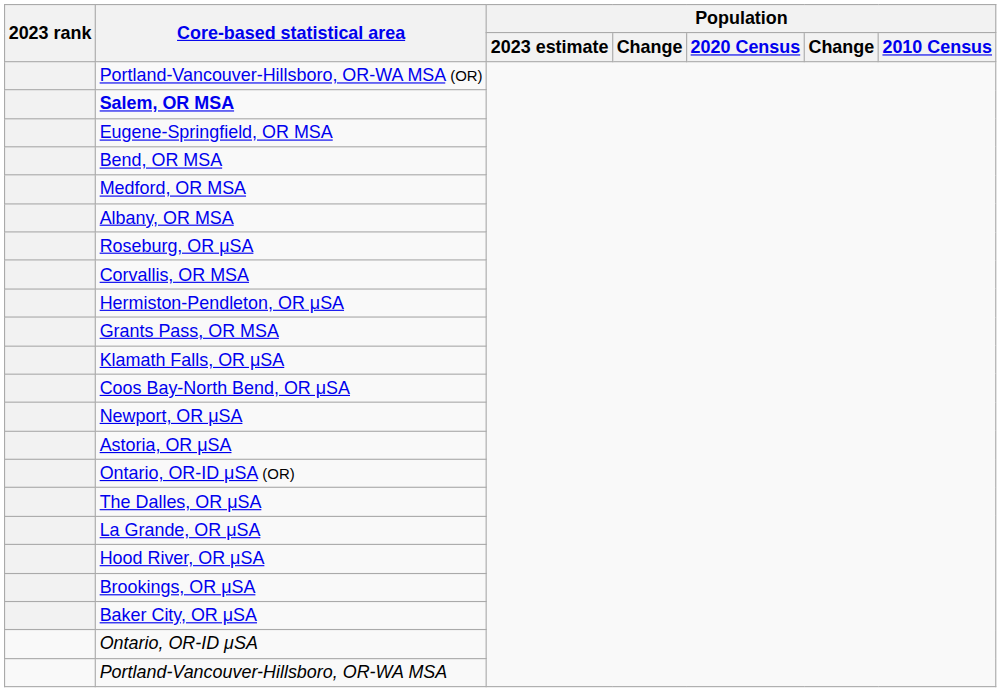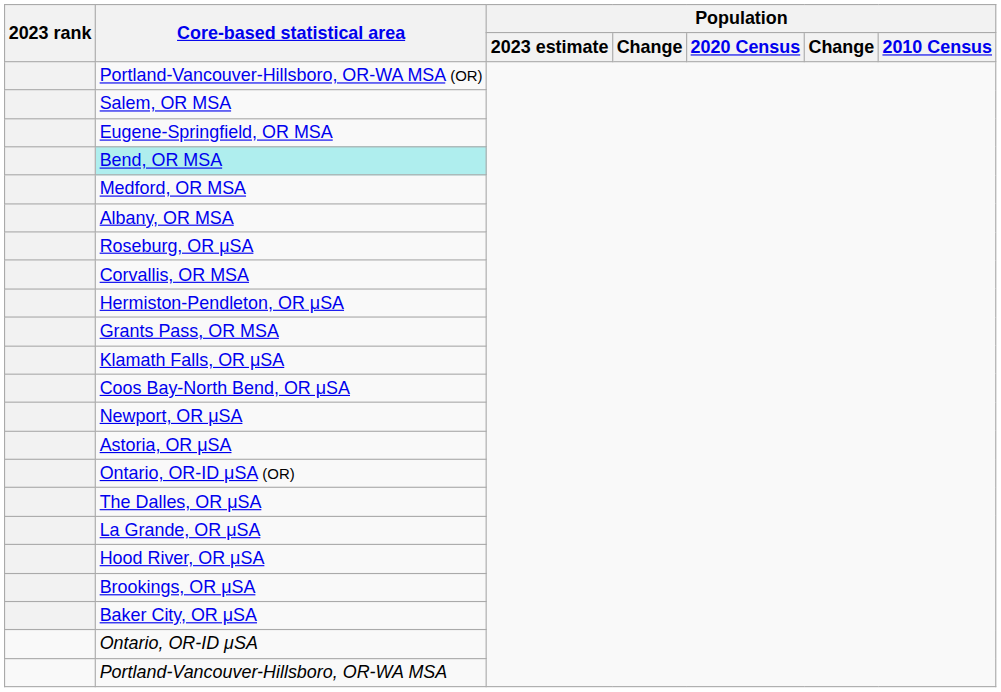 <table class="wikitable sortable">
 <tr>
 <th scope=col rowspan=2>2023 rank</th>
 <th scope=col rowspan=2><a href='#'>Core-based statistical area</a></th>
 <th colspan=5>Population</th>
 </tr>
 <tr>
 <th scope=col>2023 estimate</th>
 <th scope=col>Change</th>
 <th scope=col><a href='#'>2020 Census</a></th>
 <th scope=col>Change</th>
 <th scope=col><a href='#'>2010 Census</a></th>
 </tr>
 <tr>
 <th scope=row></th>
 <td><a href='#'>Portland-Vancouver-Hillsboro, OR-WA MSA</a> <small>(OR)</small><br></td>
 </tr>
 <tr>
 <th scope=row></th>
-<td><strong><a href='#'>Salem, OR MSA</a><br></strong></td>
+<td><a href='#'>Salem, OR MSA</a><br></td>
 </tr>
 <tr>
 <th scope=row></th>
 <td><a href='#'>Eugene-Springfield, OR MSA</a><br></td>
 </tr>
 <tr>
 <th scope=row></th>
-<td><a href='#'>Bend, OR MSA</a><br></td>
+<td style="background: paleturquoise;"><a href='#'>Bend, OR MSA</a><br></td>
 </tr>
 <tr>
 <th scope=row></th>
 <td><a href='#'>Medford, OR MSA</a><br></td>
 </tr>
 <tr>
 <th scope=row></th>
 <td><a href='#'>Albany, OR MSA</a><br></td>
 </tr>
 <tr>
 <th scope=row></th>
 <td><a href='#'>Roseburg, OR μSA</a><br></td>
 </tr>
 <tr>
 <th scope=row></th>
 <td><a href='#'>Corvallis, OR MSA</a><br></td>
 </tr>
 <tr>
 <th scope=row></th>
 <td><a href='#'>Hermiston-Pendleton, OR μSA</a><br></td>
 </tr>
 <tr>
 <th scope=row></th>
 <td><a href='#'>Grants Pass, OR MSA</a><br></td>
 </tr>
 <tr>
 <th scope=row></th>
 <td><a href='#'>Klamath Falls, OR μSA</a><br></td>
 </tr>
 <tr>
 <th scope=row></th>
 <td><a href='#'>Coos Bay-North Bend, OR μSA</a><br></td>
 </tr>
 <tr>
 <th scope=row></th>
 <td><a href='#'>Newport, OR μSA</a><br></td>
 </tr>
 <tr>
 <th scope=row></th>
 <td><a href='#'>Astoria, OR μSA</a><br></td>
 </tr>
 <tr>
 <th scope=row></th>
 <td><a href='#'>Ontario, OR-ID μSA</a> <small>(OR)</small><br></td>
 </tr>
 <tr>
 <th scope=row></th>
 <td><a href='#'>The Dalles, OR μSA</a><br></td>
 </tr>
 <tr>
 <th scope=row></th>
 <td><a href='#'>La Grande, OR μSA</a><br></td>
 </tr>
 <tr>
 <th scope=row></th>
 <td><a href='#'>Hood River, OR μSA</a><br></td>
 </tr>
 <tr>
 <th scope=row></th>
 <td><a href='#'>Brookings, OR μSA</a><br></td>
 </tr>
 <tr>
 <th scope=row></th>
 <td><a href='#'>Baker City, OR μSA</a><br></td>
 </tr>
 <tr>
 <td></td>
 <td><em><span>Ontario, OR-ID μSA</span></em><br></td>
 </tr>
 <tr>
 <td></td>
 <td><em><span>Portland-Vancouver-Hillsboro, OR-WA MSA</span></em><br></td>
 </tr>
 </table>
